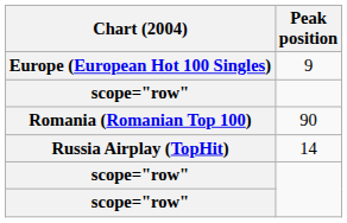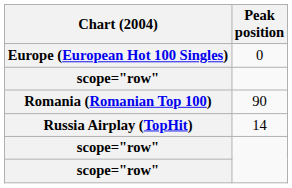 <table class="wikitable sortable plainrowheaders" style="text-align:center">
 <tr>
 <th scope="col">Chart (2004)</th>
 <th scope="col">Peak<br>position</th>
 </tr>
 <tr>
 <th scope="row">Europe (<a href='#'>European Hot 100 Singles</a>)</th>
-<td>9</td>
+<td>0</td>
 </tr>
 <tr>
 <th>scope="row"</th>
 </tr>
 <tr>
 <th scope="row">Romania (<a href='#'>Romanian Top 100</a>)</th>
 <td>90</td>
 </tr>
 <tr>
 <th scope="row">Russia Airplay (<a href='#'>TopHit</a>)</th>
 <td>14</td>
 </tr>
 <tr>
 <th>scope="row"</th>
 </tr>
 <tr>
 <th>scope="row"</th>
 </tr>
 </table>
